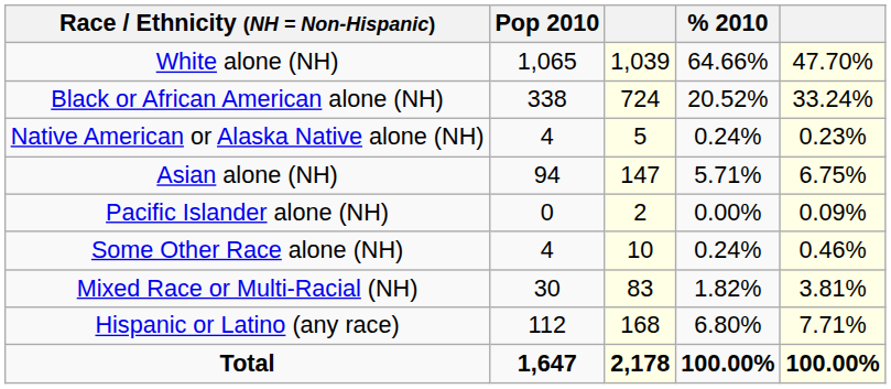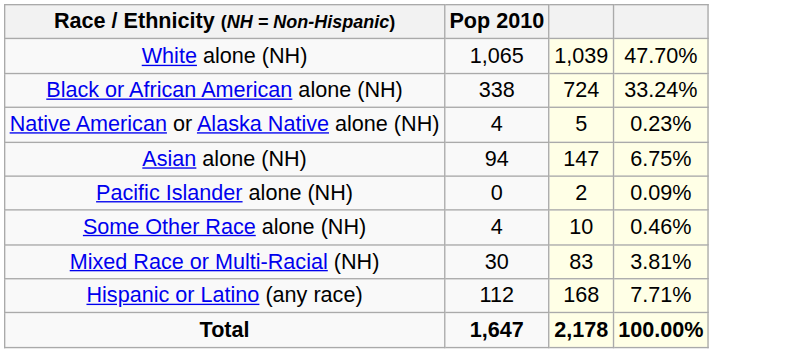 <table class="wikitable" style="text-align:center;">
 <tr>
 <th>Race / Ethnicity <small>(<em>NH = Non-Hispanic</em>)</small></th>
 <th>Pop 2010</th>
 <th></th>
-<th>% 2010</th>
 <th></th>
 </tr>
 <tr>
 <td><a href='#'>White</a> alone (NH)</td>
 <td>1,065</td>
 <td style='background: #ffffe6;'>1,039</td>
-<td>64.66%</td>
 <td style='background: #ffffe6;'>47.70%</td>
 </tr>
 <tr>
 <td><a href='#'>Black or African American</a> alone (NH)</td>
 <td>338</td>
 <td style='background: #ffffe6;'>724</td>
-<td>20.52%</td>
 <td style='background: #ffffe6;'>33.24%</td>
 </tr>
 <tr>
 <td><a href='#'>Native American</a> or <a href='#'>Alaska Native</a> alone (NH)</td>
 <td>4</td>
 <td style='background: #ffffe6;'>5</td>
-<td>0.24%</td>
 <td style='background: #ffffe6;'>0.23%</td>
 </tr>
 <tr>
 <td><a href='#'>Asian</a> alone (NH)</td>
 <td>94</td>
 <td style='background: #ffffe6;'>147</td>
-<td>5.71%</td>
 <td style='background: #ffffe6;'>6.75%</td>
 </tr>
 <tr>
 <td><a href='#'>Pacific Islander</a> alone (NH)</td>
 <td>0</td>
 <td style='background: #ffffe6;'>2</td>
-<td>0.00%</td>
 <td style='background: #ffffe6;'>0.09%</td>
 </tr>
 <tr>
 <td><a href='#'>Some Other Race</a> alone (NH)</td>
 <td>4</td>
 <td style='background: #ffffe6;'>10</td>
-<td>0.24%</td>
 <td style='background: #ffffe6;'>0.46%</td>
 </tr>
 <tr>
 <td><a href='#'>Mixed Race or Multi-Racial</a> (NH)</td>
 <td>30</td>
 <td style='background: #ffffe6;'>83</td>
-<td>1.82%</td>
 <td style='background: #ffffe6;'>3.81%</td>
 </tr>
 <tr>
 <td><a href='#'>Hispanic or Latino</a> (any race)</td>
 <td>112</td>
 <td style='background: #ffffe6;'>168</td>
-<td>6.80%</td>
 <td style='background: #ffffe6;'>7.71%</td>
 </tr>
 <tr>
 <td><strong>Total</strong></td>
 <td><strong>1,647</strong></td>
 <td style='background: #ffffe6;'><strong>2,178</strong></td>
-<td><strong>100.00%</strong></td>
 <td style='background: #ffffe6;'><strong>100.00%</strong></td>
 </tr>
 </table>
